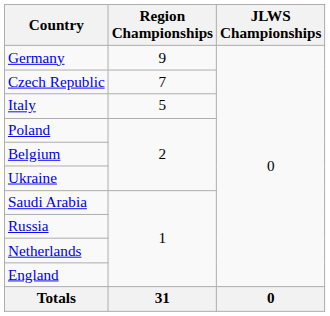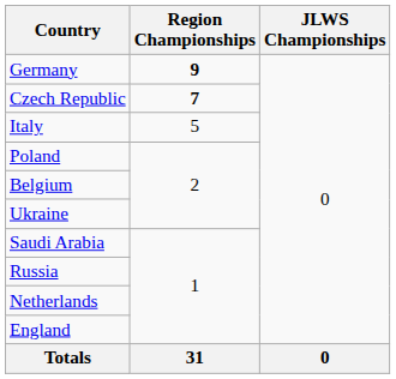 <table class="wikitable">
 <tr>
 <th>Country</th>
 <th>Region<br>Championships</th>
 <th>JLWS<br>Championships</th>
 </tr>
 <tr>
 <td> <a href='#'>Germany</a></td>
-<td align=center>9</td>
+<td align=center><strong>9</strong></td>
 <td align=center rowspan=10>0</td>
 </tr>
 <tr>
 <td> <a href='#'>Czech Republic</a></td>
-<td align=center>7</td>
+<td align=center><strong>7</strong></td>
 </tr>
 <tr>
 <td> <a href='#'>Italy</a></td>
 <td align=center>5</td>
 </tr>
 <tr>
 <td> <a href='#'>Poland</a></td>
 <td align=center rowspan=3>2</td>
 </tr>
 <tr>
 <td> <a href='#'>Belgium</a></td>
 </tr>
 <tr>
 <td> <a href='#'>Ukraine</a></td>
 </tr>
 <tr>
 <td> <a href='#'>Saudi Arabia</a></td>
 <td align=center rowspan=4>1</td>
 </tr>
 <tr>
 <td> <a href='#'>Russia</a></td>
 </tr>
 <tr>
 <td> <a href='#'>Netherlands</a></td>
 </tr>
 <tr>
 <td> <a href='#'>England</a></td>
 </tr>
 <tr>
 <th>Totals</th>
 <th>31</th>
 <th>0</th>
 </tr>
 </table>
